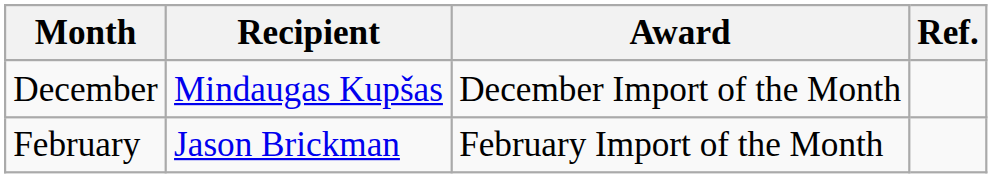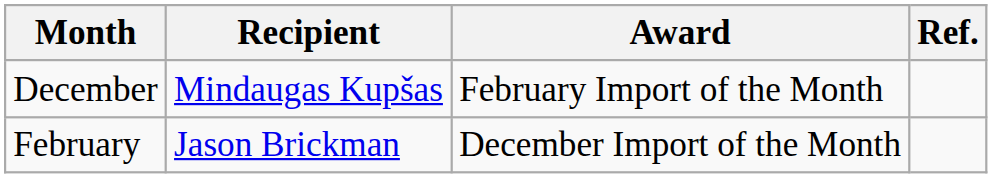 <table class="wikitable">
 <tr>
 <th>Month</th>
 <th>Recipient</th>
 <th>Award</th>
 <th>Ref.</th>
 </tr>
 <tr>
 <td>December</td>
 <td><a href='#'>Mindaugas Kupšas</a></td>
-<td>December Import of the Month</td>
+<td>February Import of the Month</td>
 <td></td>
 </tr>
 <tr>
 <td>February</td>
 <td><a href='#'>Jason Brickman</a></td>
-<td>February Import of the Month</td>
+<td>December Import of the Month</td>
 <td></td>
 </tr>
 </table>
